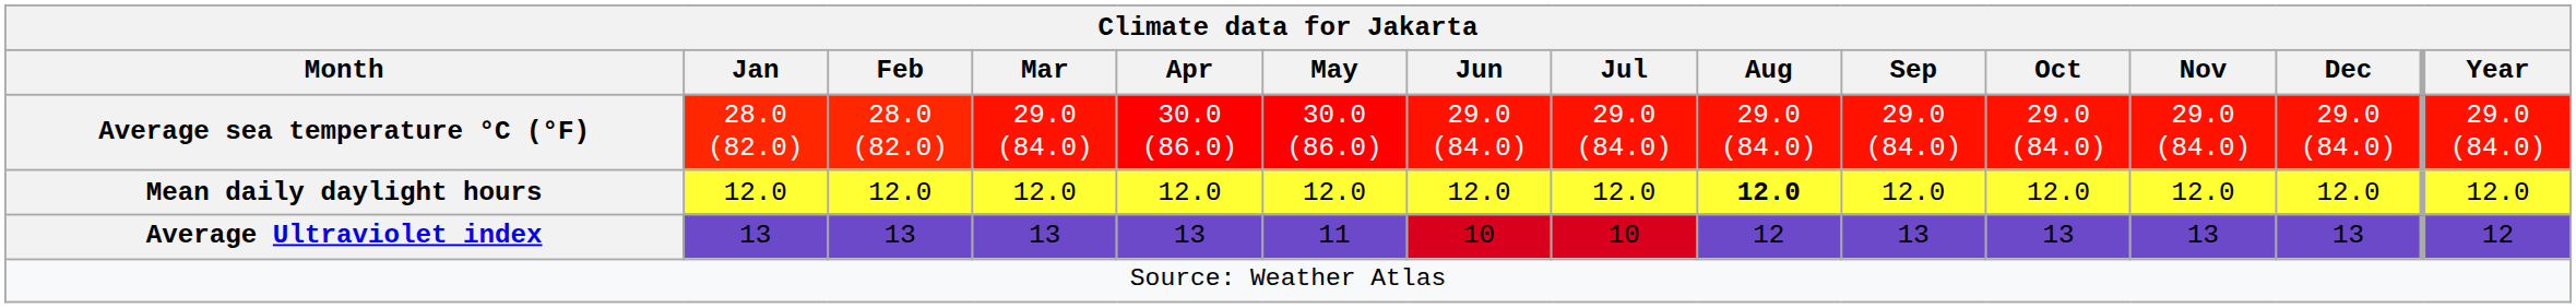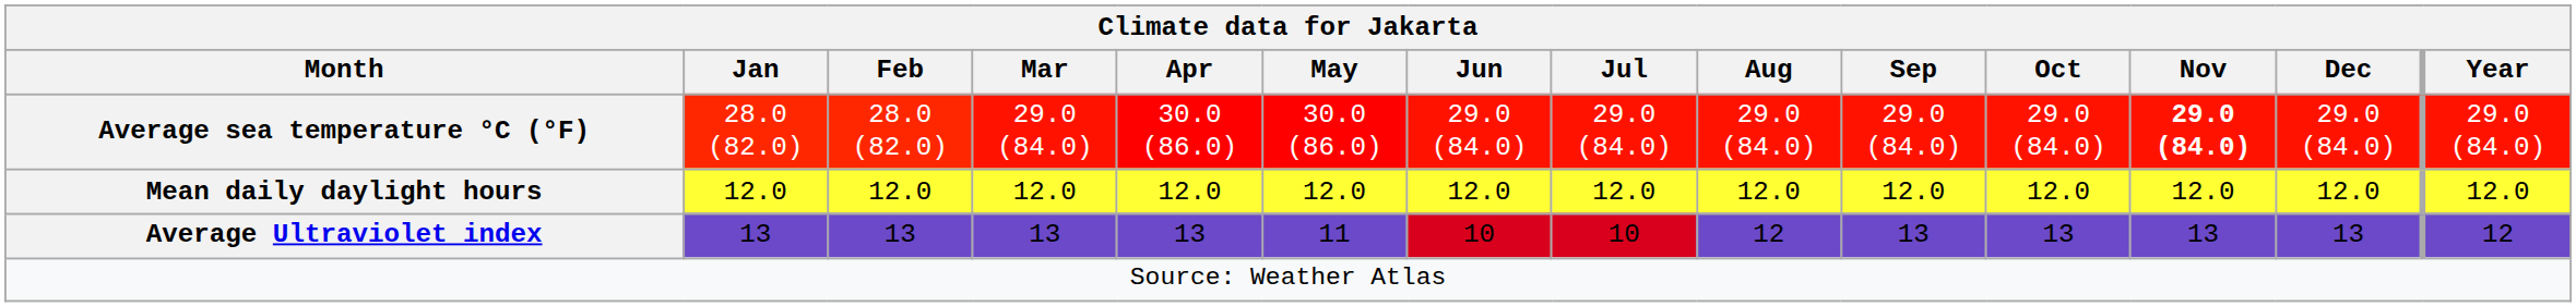 <table style="width:100%;text-align:center;line-height:1.2em;margin-left:auto;margin-right:auto" class="wikitable mw-collapsible">
 <tr>
 <th Colspan=14>Climate data for Jakarta</th>
 </tr>
 <tr>
 <th>Month</th>
 <th>Jan</th>
 <th>Feb</th>
 <th>Mar</th>
 <th>Apr</th>
 <th>May</th>
 <th>Jun</th>
 <th>Jul</th>
 <th>Aug</th>
 <th>Sep</th>
 <th>Oct</th>
 <th>Nov</th>
 <th>Dec</th>
 <th style="border-left-width:medium">Year</th>
 </tr>
 <tr>
 <th>Average sea temperature °C (°F)</th>
 <td style="background:#FF2700;color:#FFFFFF;">28.0<br>(82.0)</td>
 <td style="background:#FF2700;color:#FFFFFF;">28.0<br>(82.0)</td>
 <td style="background:#FF1300;color:#FFFFFF;">29.0<br>(84.0)</td>
 <td style="background:#FF0000;color:#FFFFFF;">30.0<br>(86.0)</td>
 <td style="background:#FF0000;color:#FFFFFF;">30.0<br>(86.0)</td>
 <td style="background:#FF1300;color:#FFFFFF;">29.0<br>(84.0)</td>
 <td style="background:#FF1300;color:#FFFFFF;">29.0<br>(84.0)</td>
 <td style="background:#FF1300;color:#FFFFFF;">29.0<br>(84.0)</td>
 <td style="background:#FF1300;color:#FFFFFF;">29.0<br>(84.0)</td>
 <td style="background:#FF1300;color:#FFFFFF;">29.0<br>(84.0)</td>
-<td style="background:#FF1300;color:#FFFFFF;">29.0<br>(84.0)</td>
+<td style="background:#FF1300;color:#FFFFFF;"><strong>29.0<br>(84.0)</strong></td>
 <td style="background:#FF1300;color:#FFFFFF;">29.0<br>(84.0)</td>
 <td style="background:#FF1300;color:#FFFFFF;border-left-width:medium">29.0<br>(84.0)</td>
 </tr>
 <tr>
 <th>Mean daily daylight hours</th>
 <td style="background:#FFFF33;color:#000000;">12.0</td>
 <td style="background:#FFFF33;color:#000000;">12.0</td>
 <td style="background:#FFFF33;color:#000000;">12.0</td>
 <td style="background:#FFFF33;color:#000000;">12.0</td>
 <td style="background:#FFFF33;color:#000000;">12.0</td>
 <td style="background:#FFFF33;color:#000000;">12.0</td>
 <td style="background:#FFFF33;color:#000000;">12.0</td>
-<td style="background:#FFFF33;color:#000000;"><strong>12.0</strong></td>
+<td style="background:#FFFF33;color:#000000;">12.0</td>
 <td style="background:#FFFF33;color:#000000;">12.0</td>
 <td style="background:#FFFF33;color:#000000;">12.0</td>
 <td style="background:#FFFF33;color:#000000;">12.0</td>
 <td style="background:#FFFF33;color:#000000;">12.0</td>
 <td style="background:#FFFF33;color:#000000;border-left-width:medium">12.0</td>
 </tr>
 <tr>
 <th>Average <a href='#'>Ultraviolet index</a></th>
 <td style="background:#6b49c8;color:#000000;">13</td>
 <td style="background:#6b49c8;color:#000000;">13</td>
 <td style="background:#6b49c8;color:#000000;">13</td>
 <td style="background:#6b49c8;color:#000000;">13</td>
 <td style="background:#6b49c8;color:#000000;">11</td>
 <td style="background:#d8001d;color:#000000;">10</td>
 <td style="background:#d8001d;color:#000000;">10</td>
 <td style="background:#6b49c8;color:#000000;">12</td>
 <td style="background:#6b49c8;color:#000000;">13</td>
 <td style="background:#6b49c8;color:#000000;">13</td>
 <td style="background:#6b49c8;color:#000000;">13</td>
 <td style="background:#6b49c8;color:#000000;">13</td>
 <td style="background:#6b49c8;color:#000000;border-left-width:medium">12</td>
 </tr>
 <tr>
 <th Colspan=14 style="background:#f8f9fa;font-weight:normal;font-size:95%;">Source: Weather Atlas</th>
 </tr>
 </table>
